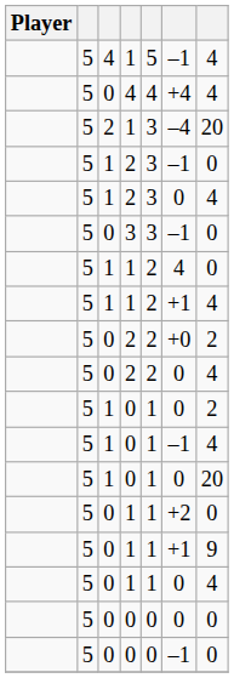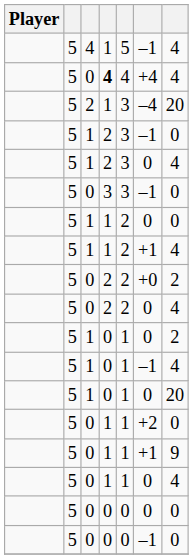 <table class="wikitable sortable" style="text-align:center;">
 <tr>
 <th>Player</th>
 <th></th>
 <th></th>
 <th></th>
 <th></th>
 <th data-sort-type="number"></th>
 <th></th>
 </tr>
 <tr>
 <td></td>
 <td>5</td>
 <td>4</td>
 <td>1</td>
 <td>5</td>
 <td>–1</td>
 <td>4</td>
 </tr>
 <tr>
 <td></td>
 <td>5</td>
 <td>0</td>
-<td>4</td>
+<td><strong>4</strong></td>
 <td>4</td>
 <td>+4</td>
 <td>4</td>
 </tr>
 <tr>
 <td></td>
 <td>5</td>
 <td>2</td>
 <td>1</td>
 <td>3</td>
 <td>–4</td>
 <td>20</td>
 </tr>
 <tr>
 <td></td>
 <td>5</td>
 <td>1</td>
 <td>2</td>
 <td>3</td>
 <td>–1</td>
 <td>0</td>
 </tr>
 <tr>
 <td></td>
 <td>5</td>
 <td>1</td>
 <td>2</td>
 <td>3</td>
 <td>0</td>
 <td>4</td>
 </tr>
 <tr>
 <td></td>
 <td>5</td>
 <td>0</td>
 <td>3</td>
 <td>3</td>
 <td>–1</td>
 <td>0</td>
 </tr>
 <tr>
 <td></td>
 <td>5</td>
 <td>1</td>
 <td>1</td>
 <td>2</td>
-<td>4</td>
+<td>0</td>
 <td>0</td>
 </tr>
 <tr>
 <td></td>
 <td>5</td>
 <td>1</td>
 <td>1</td>
 <td>2</td>
 <td>+1</td>
 <td>4</td>
 </tr>
 <tr>
 <td></td>
 <td>5</td>
 <td>0</td>
 <td>2</td>
 <td>2</td>
 <td>+0</td>
 <td>2</td>
 </tr>
 <tr>
 <td></td>
 <td>5</td>
 <td>0</td>
 <td>2</td>
 <td>2</td>
 <td>0</td>
 <td>4</td>
 </tr>
 <tr>
 <td></td>
 <td>5</td>
 <td>1</td>
 <td>0</td>
 <td>1</td>
 <td>0</td>
 <td>2</td>
 </tr>
 <tr>
 <td></td>
 <td>5</td>
 <td>1</td>
 <td>0</td>
 <td>1</td>
 <td>–1</td>
 <td>4</td>
 </tr>
 <tr>
 <td></td>
 <td>5</td>
 <td>1</td>
 <td>0</td>
 <td>1</td>
 <td>0</td>
 <td>20</td>
 </tr>
 <tr>
 <td></td>
 <td>5</td>
 <td>0</td>
 <td>1</td>
 <td>1</td>
 <td>+2</td>
 <td>0</td>
 </tr>
 <tr>
 <td></td>
 <td>5</td>
 <td>0</td>
 <td>1</td>
 <td>1</td>
 <td>+1</td>
 <td>9</td>
 </tr>
 <tr>
 <td></td>
 <td>5</td>
 <td>0</td>
 <td>1</td>
 <td>1</td>
 <td>0</td>
 <td>4</td>
 </tr>
 <tr>
 <td></td>
 <td>5</td>
 <td>0</td>
 <td>0</td>
 <td>0</td>
 <td>0</td>
 <td>0</td>
 </tr>
 <tr>
 <td></td>
 <td>5</td>
 <td>0</td>
 <td>0</td>
 <td>0</td>
 <td>–1</td>
 <td>0</td>
 </tr>
 <tr>
 </tr>
 </table>
